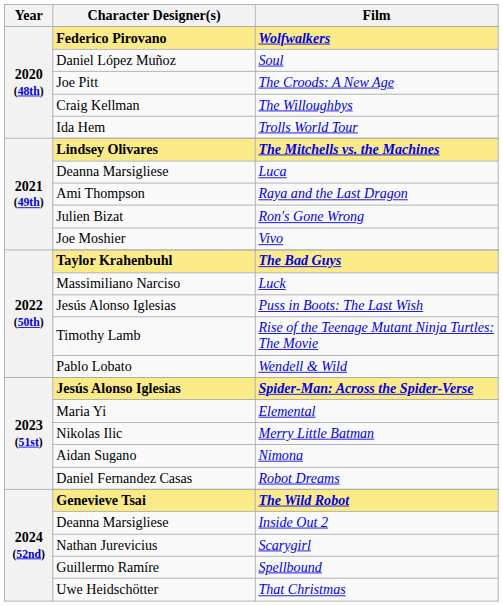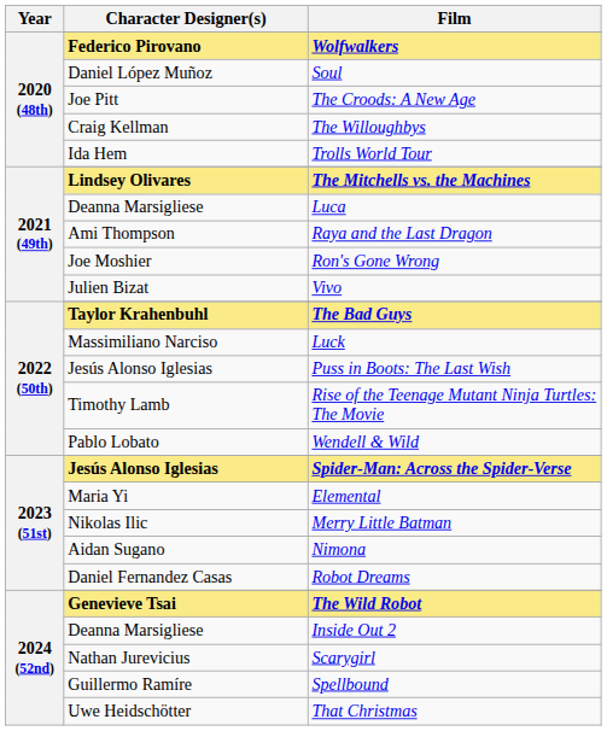 <table class="wikitable" style="width:90%;">
 <tr>
 <th style="width:3%;">Year</th>
 <th style="width:25%;">Character Designer(s)</th>
 <th style="width:30%;">Film</th>
 </tr>
 <tr>
 <th rowspan="6" style="text-align:center;">2020 <br><small>(<a href='#'>48th</a>)</small><br></th>
 </tr>
 <tr>
 <td style="background:#FAEB86;"><strong>Federico Pirovano</strong></td>
 <td style="background:#FAEB86;"><strong><em><a href='#'>Wolfwalkers</a></em></strong></td>
 </tr>
 <tr>
 <td>Daniel López Muñoz</td>
 <td><em><a href='#'>Soul</a></em></td>
 </tr>
 <tr>
 <td>Joe Pitt</td>
 <td><em><a href='#'>The Croods: A New Age</a></em></td>
 </tr>
 <tr>
 <td>Craig Kellman</td>
 <td><em><a href='#'>The Willoughbys</a></em></td>
 </tr>
 <tr>
 <td>Ida Hem</td>
 <td><em><a href='#'>Trolls World Tour</a></em></td>
 </tr>
 <tr>
 <th rowspan="6" style="text-align:center;">2021 <br><small>(<a href='#'>49th</a>)</small><br></th>
 </tr>
 <tr>
 <td style="background:#FAEB86;"><strong>Lindsey Olivares</strong></td>
 <td style="background:#FAEB86;"><strong><em><a href='#'>The Mitchells vs. the Machines</a></em></strong></td>
 </tr>
 <tr>
 <td>Deanna Marsigliese</td>
 <td><em><a href='#'>Luca</a></em></td>
 </tr>
 <tr>
 <td>Ami Thompson</td>
 <td><em><a href='#'>Raya and the Last Dragon</a></em></td>
 </tr>
 <tr>
-<td>Julien Bizat</td>
+<td>Joe Moshier</td>
 <td><em><a href='#'>Ron's Gone Wrong</a></em></td>
 </tr>
 <tr>
-<td>Joe Moshier</td>
+<td>Julien Bizat</td>
 <td><em><a href='#'>Vivo</a></em></td>
 </tr>
 <tr>
 <th rowspan="6" style="text-align:center;">2022 <br><small>(<a href='#'>50th</a>)</small><br></th>
 </tr>
 <tr>
 <td style="background:#FAEB86;"><strong>Taylor Krahenbuhl</strong></td>
 <td style="background:#FAEB86;"><em><a href='#'><strong>The Bad Guys</strong></a></em></td>
 </tr>
 <tr>
 <td>Massimiliano Narciso</td>
 <td><em><a href='#'>Luck</a></em></td>
 </tr>
 <tr>
 <td>Jesús Alonso Iglesias</td>
 <td><em><a href='#'>Puss in Boots: The Last Wish</a></em></td>
 </tr>
 <tr>
 <td>Timothy Lamb</td>
 <td><em><a href='#'>Rise of the Teenage Mutant Ninja Turtles: The Movie</a></em></td>
 </tr>
 <tr>
 <td>Pablo Lobato</td>
 <td><em><a href='#'>Wendell & Wild</a></em></td>
 </tr>
 <tr>
 <th rowspan="6" style="text-align:center;">2023 <br><small>(<a href='#'>51st</a>)</small><br></th>
 </tr>
 <tr>
 <td style="background:#FAEB86;"><strong>Jesús Alonso Iglesias</strong></td>
 <td style="background:#FAEB86;"><strong><em><a href='#'>Spider-Man: Across the Spider-Verse</a></em></strong></td>
 </tr>
 <tr>
 <td>Maria Yi</td>
 <td><em><a href='#'>Elemental</a></em></td>
 </tr>
 <tr>
 <td>Nikolas Ilic</td>
 <td><em><a href='#'>Merry Little Batman</a></em></td>
 </tr>
 <tr>
 <td>Aidan Sugano</td>
 <td><em><a href='#'>Nimona</a></em></td>
 </tr>
 <tr>
 <td>Daniel Fernandez Casas</td>
 <td><em><a href='#'>Robot Dreams</a></em></td>
 </tr>
 <tr>
 <th rowspan="6" style="text-align:center;">2024 <br><small>(<a href='#'>52nd</a>)</small><br></th>
 </tr>
 <tr>
 <td style="background:#FAEB86;"><strong>Genevieve Tsai</strong></td>
 <td style="background:#FAEB86;"><strong><em><a href='#'>The Wild Robot</a></em></strong></td>
 </tr>
 <tr>
 <td>Deanna Marsigliese</td>
 <td><em><a href='#'>Inside Out 2</a></em></td>
 </tr>
 <tr>
 <td>Nathan Jurevicius</td>
 <td><em><a href='#'>Scarygirl</a></em></td>
 </tr>
 <tr>
 <td>Guillermo Ramíre</td>
 <td><em><a href='#'>Spellbound</a></em></td>
 </tr>
 <tr>
 <td>Uwe Heidschötter</td>
 <td><em><a href='#'>That Christmas</a></em></td>
 </tr>
 </table>
